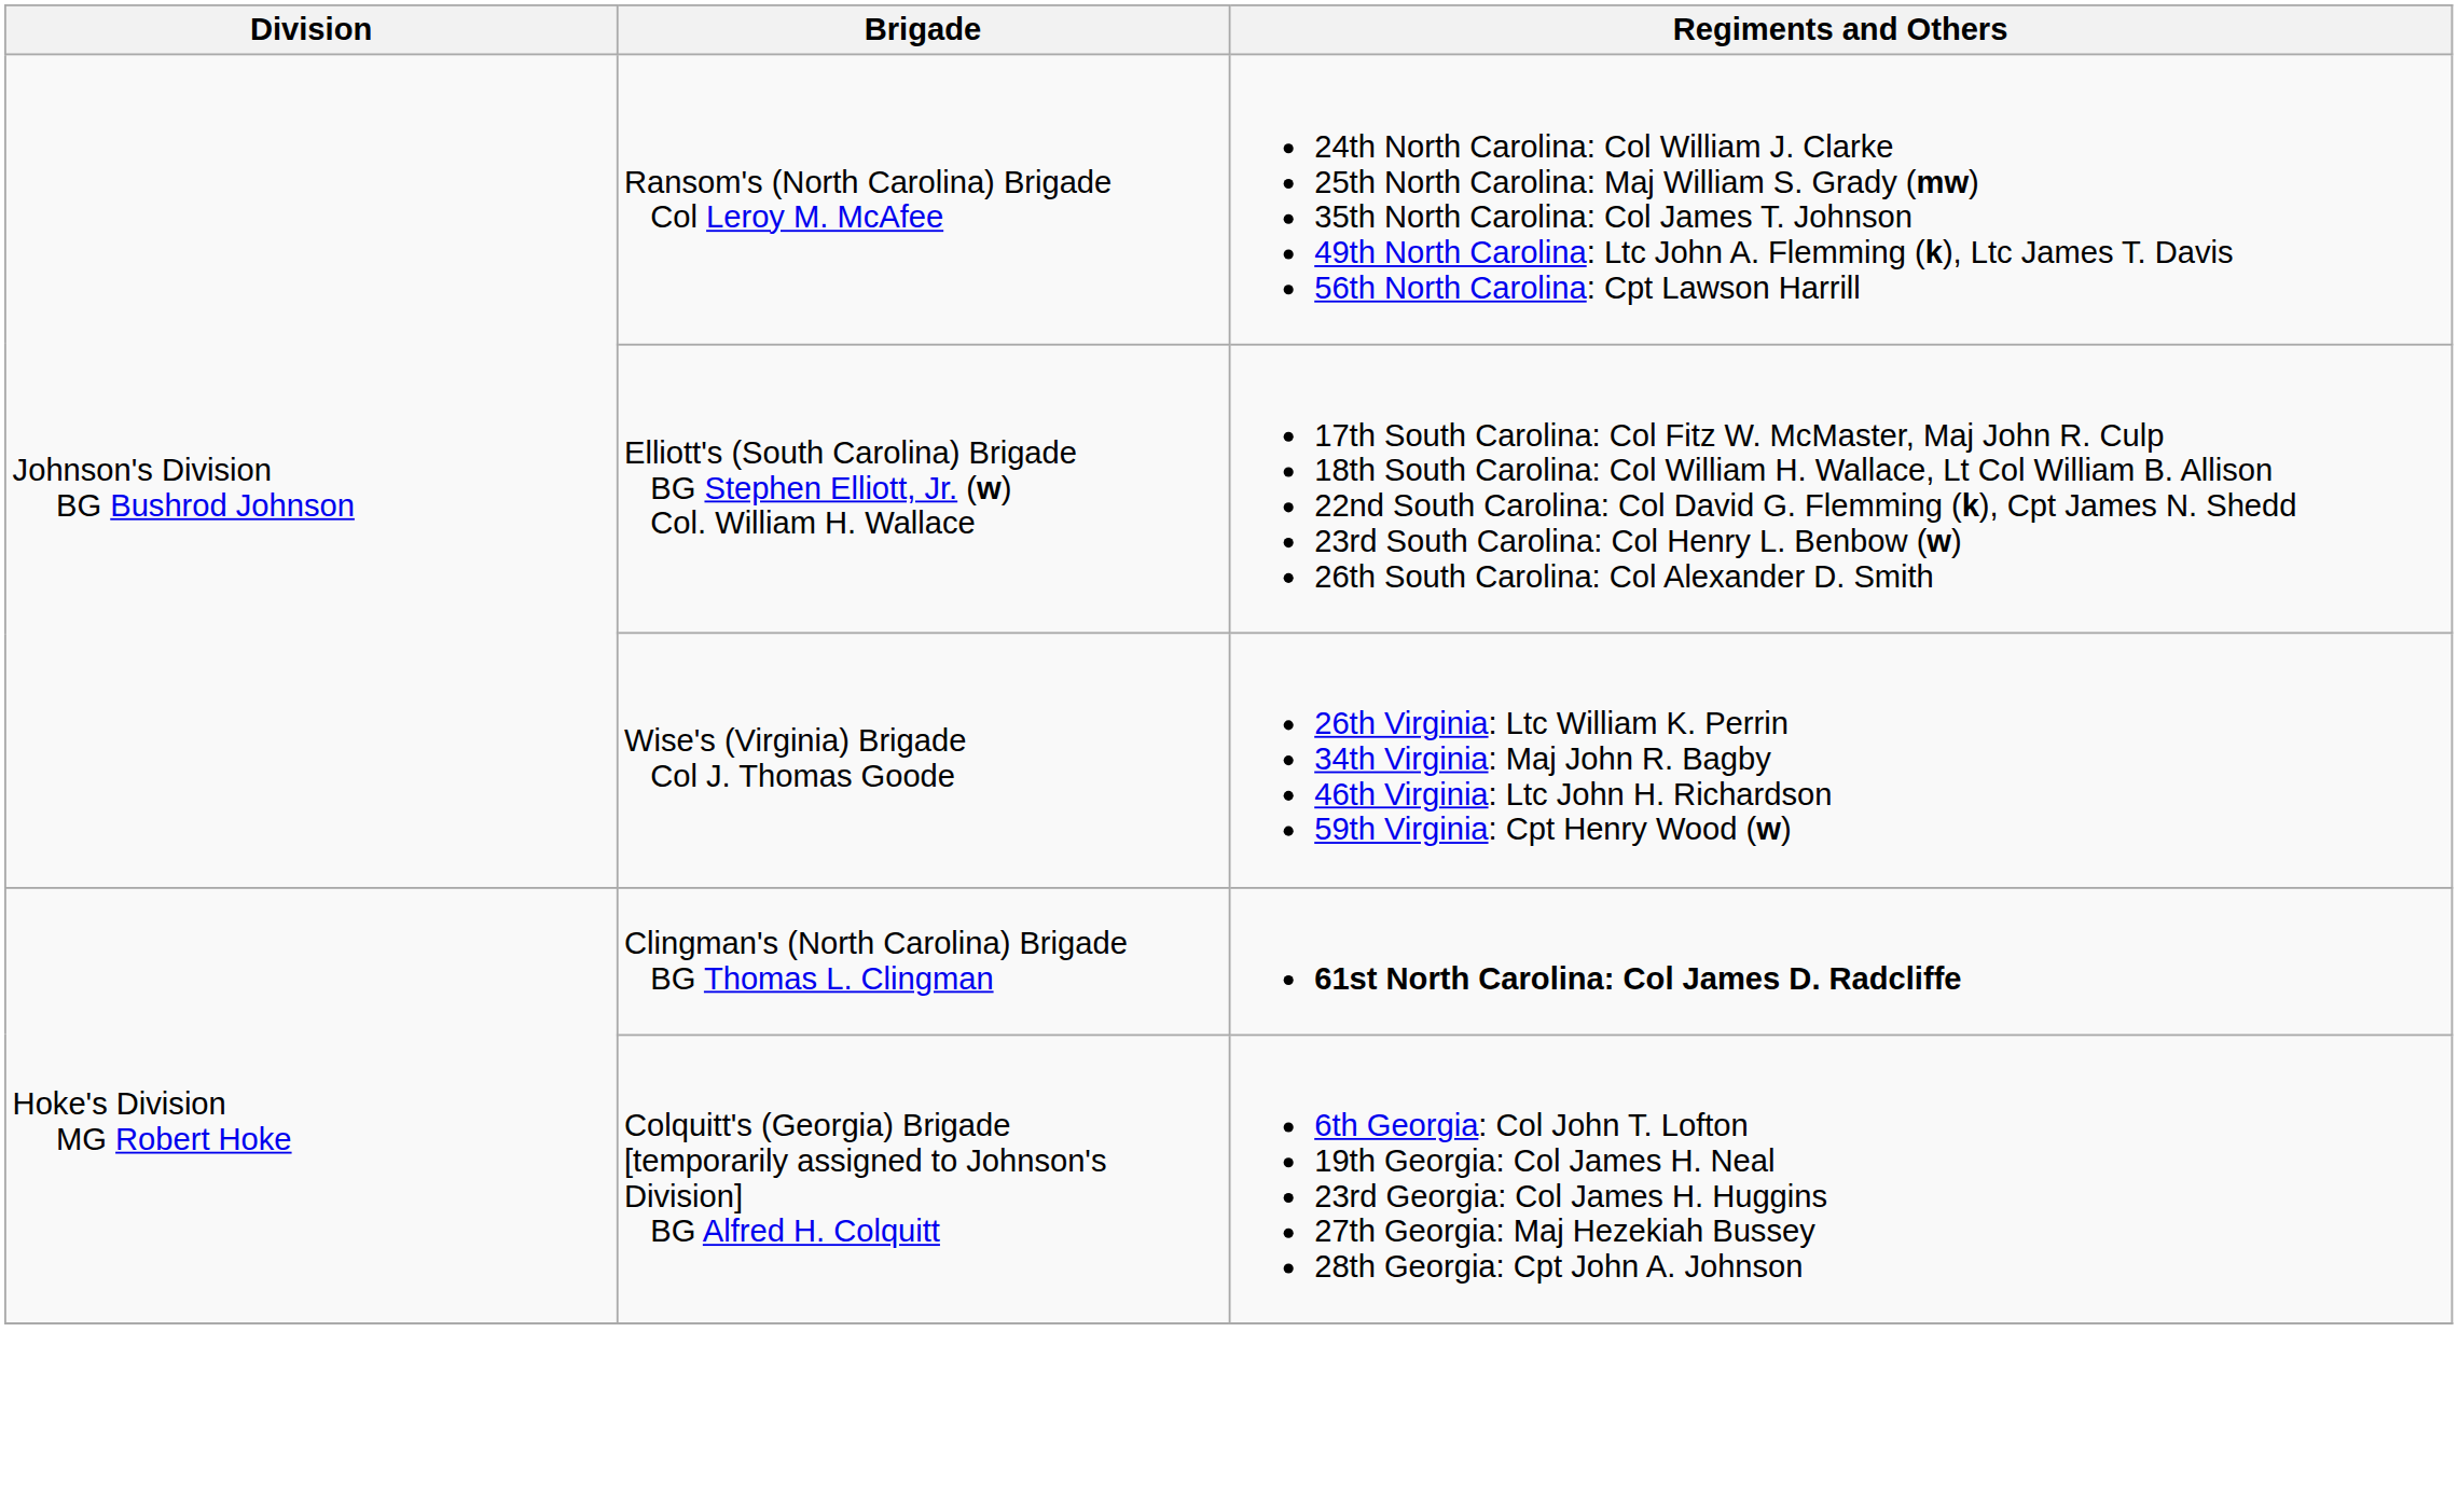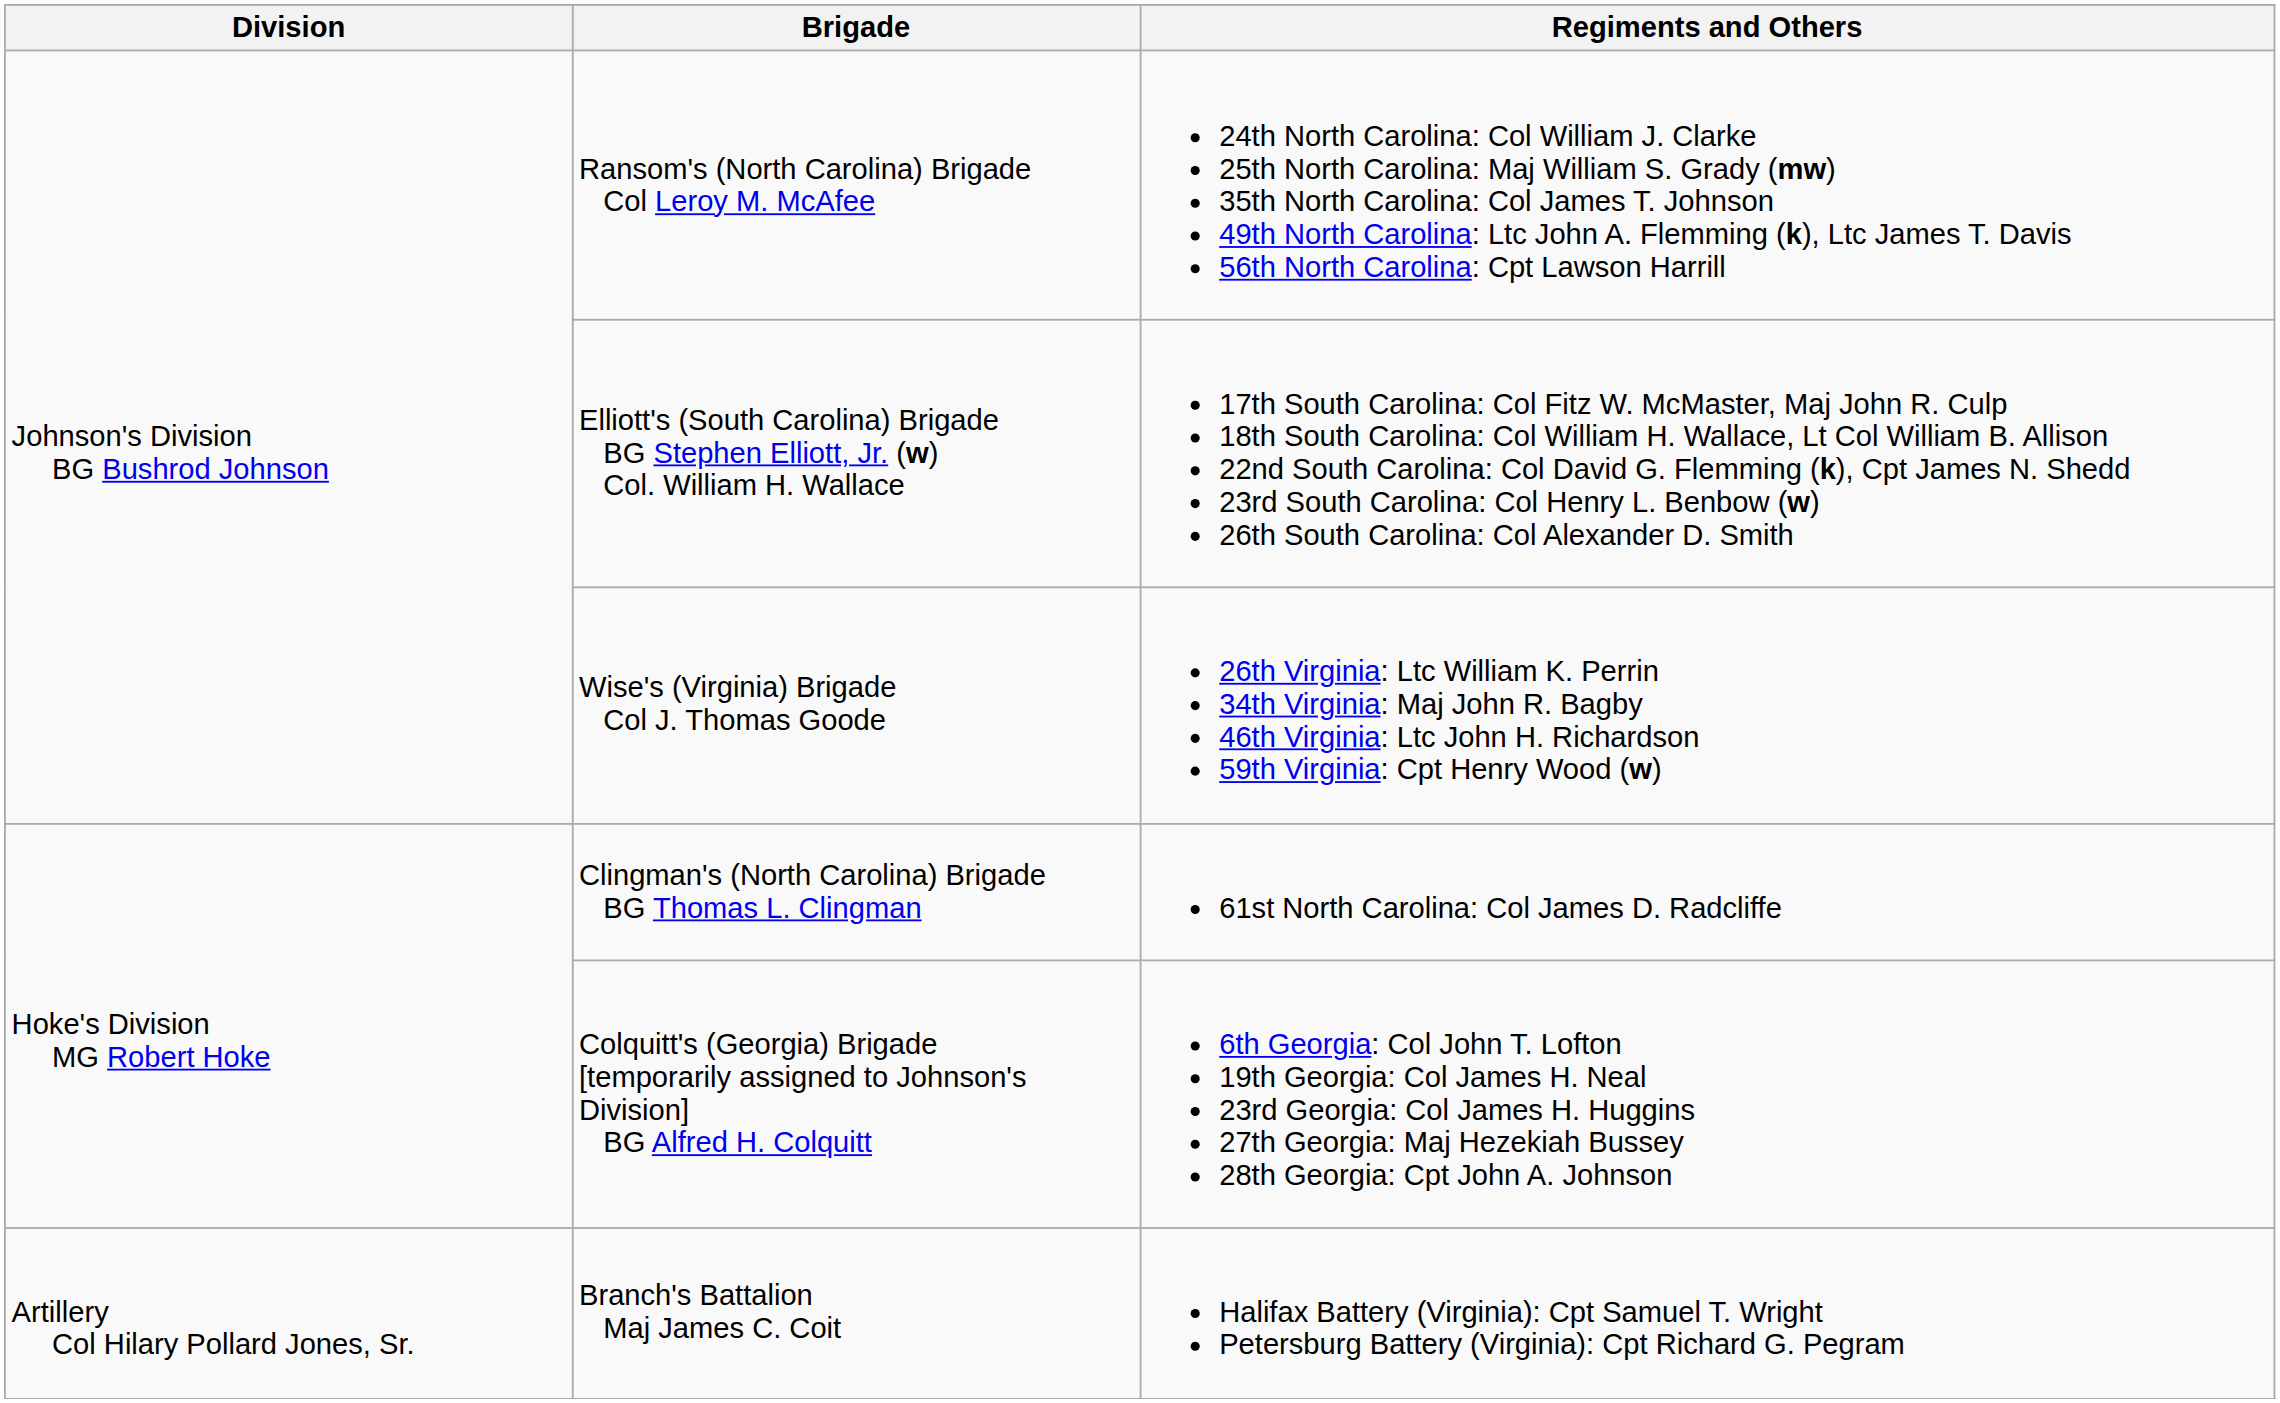 <table class="wikitable">
 <tr>
 <th width=25%>Division</th>
 <th width=25%>Brigade</th>
 <th>Regiments and Others</th>
 </tr>
 <tr>
 <td rowspan=3><br>Johnson's Division <br>     BG <a href='#'>Bushrod Johnson</a></td>
 <td>Ransom's (North Carolina) Brigade<br>   Col <a href='#'>Leroy M. McAfee</a></td>
 <td><br><ul><li>24th North Carolina: Col William J. Clarke</li><li>25th North Carolina: Maj William S. Grady (<strong>mw</strong>)</li><li>35th North Carolina: Col James T. Johnson</li><li><a href='#'>49th North Carolina</a>: Ltc John A. Flemming (<strong>k</strong>), Ltc James T. Davis</li><li><a href='#'>56th North Carolina</a>: Cpt Lawson Harrill</li></ul></td>
 </tr>
 <tr>
 <td>Elliott's (South Carolina) Brigade<br>   BG <a href='#'>Stephen Elliott, Jr.</a> (<strong>w</strong>) <br>   Col. William H. Wallace</td>
 <td><br><ul><li>17th South Carolina: Col Fitz W. McMaster, Maj John R. Culp</li><li>18th South Carolina: Col William H. Wallace, Lt Col William B. Allison</li><li>22nd South Carolina: Col David G. Flemming (<strong>k</strong>), Cpt James N. Shedd</li><li>23rd South Carolina: Col Henry L. Benbow (<strong>w</strong>)</li><li>26th South Carolina: Col Alexander D. Smith</li></ul></td>
 </tr>
 <tr>
 <td>Wise's (Virginia) Brigade<br>   Col J. Thomas Goode</td>
 <td><br><ul><li><a href='#'>26th Virginia</a>: Ltc William K. Perrin</li><li><a href='#'>34th Virginia</a>: Maj John R. Bagby</li><li><a href='#'>46th Virginia</a>: Ltc John H. Richardson</li><li><a href='#'>59th Virginia</a>: Cpt Henry Wood (<strong>w</strong>)</li></ul></td>
 </tr>
 <tr>
 <td rowspan=2><br>Hoke's Division <br>     MG <a href='#'>Robert Hoke</a></td>
 <td>Clingman's (North Carolina) Brigade<br>   BG <a href='#'>Thomas L. Clingman</a></td>
-<td><strong><br><ul><li>61st North Carolina: Col James D. Radcliffe</li></ul></strong></td>
+<td><br><ul><li>61st North Carolina: Col James D. Radcliffe</li></ul></td>
 </tr>
 <tr>
 <td>Colquitt's (Georgia) Brigade<br>[temporarily assigned to Johnson's Division] <br>   BG <a href='#'>Alfred H. Colquitt</a></td>
 <td><br><ul><li><a href='#'>6th Georgia</a>: Col John T. Lofton</li><li>19th Georgia: Col James H. Neal</li><li>23rd Georgia: Col James H. Huggins</li><li>27th Georgia: Maj Hezekiah Bussey</li><li>28th Georgia: Cpt John A. Johnson</li></ul></td>
 </tr>
 <tr>
+<td rowspan=1><br>Artillery <br>     Col Hilary Pollard Jones, Sr.</td>
+<td>Branch's Battalion<br>   Maj James C. Coit</td>
+<td><br><ul><li>Halifax Battery (Virginia): Cpt Samuel T. Wright</li><li>Petersburg Battery (Virginia): Cpt Richard G. Pegram</li></ul></td>
+</tr>
+<tr>
 </tr>
 </table>
